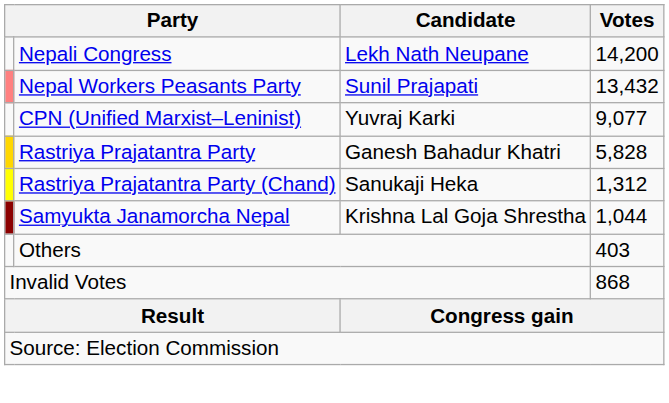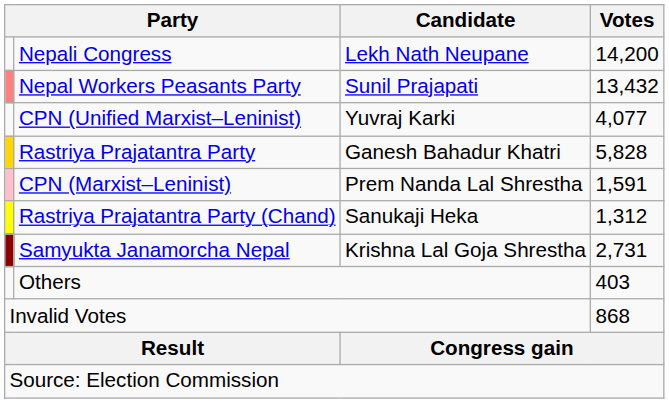 <table class="wikitable">
 <tr>
 <th colspan="2">Party</th>
 <th>Candidate</th>
 <th>Votes</th>
 </tr>
 <tr>
 <td style="background-color:"></td>
 <td><a href='#'>Nepali Congress</a></td>
 <td><a href='#'>Lekh Nath Neupane</a></td>
 <td>14,200</td>
 </tr>
 <tr>
 <td style="background-color:#FF8080"></td>
 <td><a href='#'>Nepal Workers Peasants Party</a></td>
 <td><a href='#'>Sunil Prajapati</a></td>
 <td>13,432</td>
 </tr>
 <tr>
 <td style="background-color:"></td>
 <td><a href='#'>CPN (Unified Marxist–Leninist)</a></td>
 <td>Yuvraj Karki</td>
-<td>9,077</td>
+<td>4,077</td>
 </tr>
 <tr>
 <td style="background-color:gold"></td>
 <td><a href='#'>Rastriya Prajatantra Party</a></td>
 <td>Ganesh Bahadur Khatri</td>
 <td>5,828</td>
+</tr>
+<tr>
+<td style="background-color:pink"></td>
+<td><a href='#'>CPN (Marxist–Leninist)</a></td>
+<td>Prem Nanda Lal Shrestha</td>
+<td>1,591</td>
 </tr>
 <tr>
 <td style="background-color:yellow"></td>
 <td><a href='#'>Rastriya Prajatantra Party (Chand)</a></td>
 <td>Sanukaji Heka</td>
 <td>1,312</td>
 </tr>
 <tr>
 <td style="background-color:darkred"></td>
 <td><a href='#'>Samyukta Janamorcha Nepal</a></td>
 <td>Krishna Lal Goja Shrestha</td>
-<td>1,044</td>
+<td>2,731</td>
 </tr>
 <tr>
 <td></td>
 <td colspan="2">Others</td>
 <td>403</td>
 </tr>
 <tr>
 <td colspan="3">Invalid Votes</td>
 <td>868</td>
 </tr>
 <tr>
 <th colspan="2">Result</th>
 <th colspan="2">Congress gain</th>
 </tr>
 <tr>
 <td colspan="4">Source: Election Commission</td>
 </tr>
 </table>
